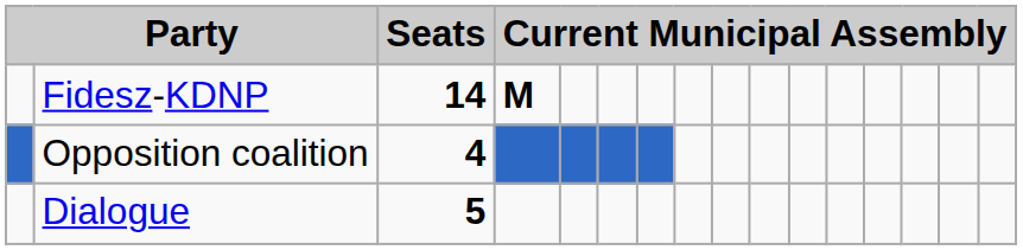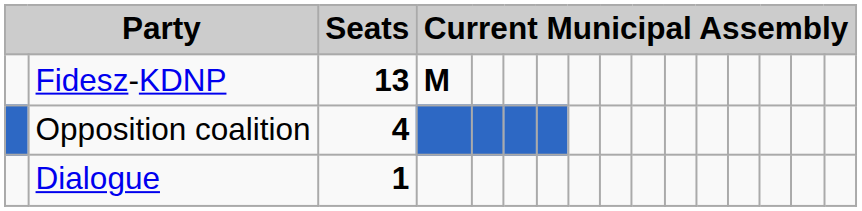 <table class="wikitable">
 <tr>
 <th style="background:#ccc" colspan="2">Party</th>
 <th style="background:#ccc">Seats</th>
 <th style="background:#ccc" colspan="13">Current Municipal Assembly</th>
 </tr>
 <tr>
 <td style="background-color: "> </td>
 <td><a href='#'>Fidesz</a>-<a href='#'>KDNP</a></td>
-<td style="text-align: right"><strong>14</strong></td>
+<td style="text-align: right"><strong>13</strong></td>
 <td style="background-color: "><span><strong>M</strong></span></td>
 <td style="background-color: "> </td>
 <td style="background-color: "> </td>
 <td style="background-color: "> </td>
 <td style="background-color: "> </td>
 <td style="background-color: "> </td>
 <td style="background-color: "> </td>
 <td style="background-color: "> </td>
 <td style="background-color: "> </td>
 <td style="background-color: "> </td>
 <td style="background-color: "> </td>
 <td style="background-color: "> </td>
 <td style="background-color: "> </td>
 </tr>
 <tr>
 <td style="background-color: #2D68C4"> </td>
 <td>Opposition coalition</td>
 <td style="text-align: right"><strong>4</strong></td>
 <td style="background-color: #2D68C4"> </td>
 <td style="background-color: #2D68C4"> </td>
 <td style="background-color: #2D68C4"> </td>
 <td style="background-color: #2D68C4"> </td>
 <td> </td>
 <td> </td>
 <td> </td>
 <td> </td>
 <td> </td>
 <td> </td>
 <td> </td>
 <td> </td>
 <td> </td>
 </tr>
 <tr>
 <td style="background-color:"> </td>
 <td><a href='#'>Dialogue</a></td>
-<td style="text-align: right"><strong>5</strong></td>
+<td style="text-align: right"><strong>1</strong></td>
 <td style="background-color: "> </td>
 <td> </td>
 <td> </td>
 <td> </td>
 <td> </td>
 <td> </td>
 <td> </td>
 <td> </td>
 <td> </td>
 <td> </td>
 <td> </td>
 <td> </td>
 <td> </td>
 </tr>
 </table>
